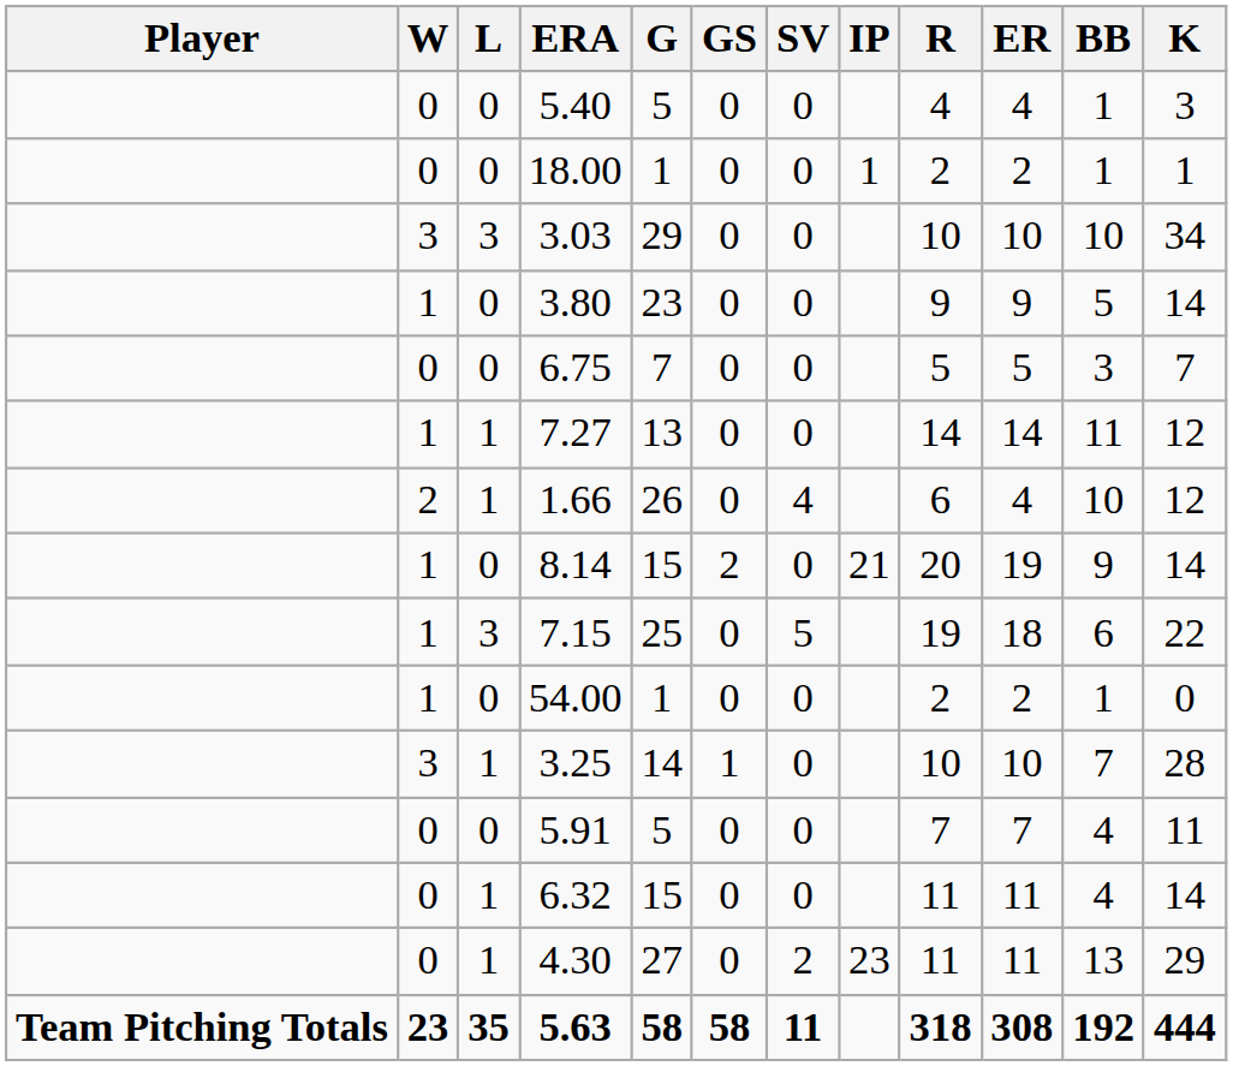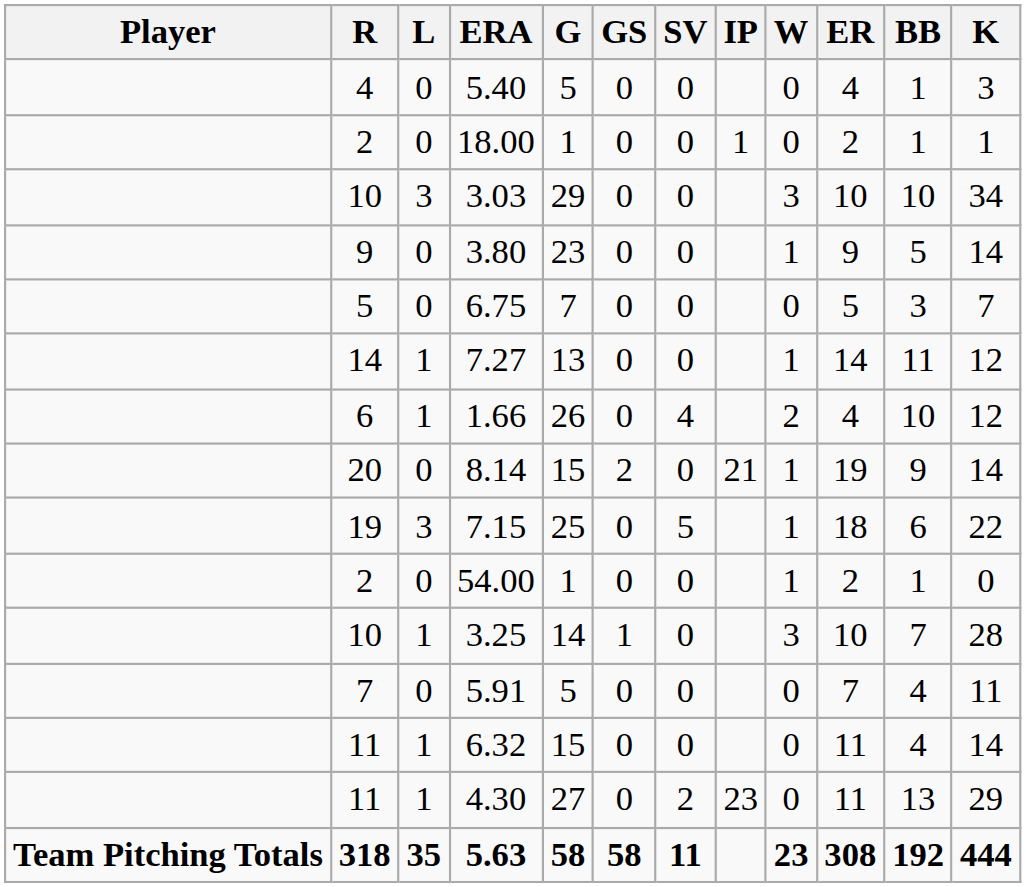 <table class="wikitable sortable" style="text-align:center">
 <tr>
 <th>Player</th>
-<th>W</th>
+<th>R</th>
 <th>L</th>
 <th>ERA</th>
 <th>G</th>
 <th>GS</th>
 <th>SV</th>
 <th>IP</th>
-<th>R</th>
+<th>W</th>
 <th>ER</th>
 <th>BB</th>
 <th>K</th>
 </tr>
 <tr>
 <td align=left></td>
-<td>0</td>
+<td>4</td>
 <td>0</td>
 <td>5.40</td>
 <td>5</td>
 <td>0</td>
 <td>0</td>
 <td></td>
-<td>4</td>
+<td>0</td>
 <td>4</td>
 <td>1</td>
 <td>3</td>
 </tr>
 <tr>
 <td align=left></td>
-<td>0</td>
+<td>2</td>
 <td>0</td>
 <td>18.00</td>
 <td>1</td>
 <td>0</td>
 <td>0</td>
 <td>1</td>
-<td>2</td>
+<td>0</td>
 <td>2</td>
 <td>1</td>
 <td>1</td>
 </tr>
 <tr>
 <td align=left></td>
-<td>3</td>
+<td>10</td>
 <td>3</td>
 <td>3.03</td>
 <td>29</td>
 <td>0</td>
 <td>0</td>
 <td></td>
-<td>10</td>
+<td>3</td>
 <td>10</td>
 <td>10</td>
 <td>34</td>
 </tr>
 <tr>
 <td align=left></td>
-<td>1</td>
+<td>9</td>
 <td>0</td>
 <td>3.80</td>
 <td>23</td>
 <td>0</td>
 <td>0</td>
 <td></td>
-<td>9</td>
+<td>1</td>
 <td>9</td>
 <td>5</td>
 <td>14</td>
 </tr>
 <tr>
 <td align=left></td>
-<td>0</td>
+<td>5</td>
 <td>0</td>
 <td>6.75</td>
 <td>7</td>
 <td>0</td>
 <td>0</td>
 <td></td>
-<td>5</td>
+<td>0</td>
 <td>5</td>
 <td>3</td>
 <td>7</td>
 </tr>
 <tr>
 <td align=left></td>
-<td>1</td>
+<td>14</td>
 <td>1</td>
 <td>7.27</td>
 <td>13</td>
 <td>0</td>
 <td>0</td>
 <td></td>
-<td>14</td>
+<td>1</td>
 <td>14</td>
 <td>11</td>
 <td>12</td>
 </tr>
 <tr>
 <td align=left></td>
-<td>2</td>
+<td>6</td>
 <td>1</td>
 <td>1.66</td>
 <td>26</td>
 <td>0</td>
 <td>4</td>
 <td></td>
-<td>6</td>
+<td>2</td>
 <td>4</td>
 <td>10</td>
 <td>12</td>
 </tr>
 <tr>
 <td align=left></td>
-<td>1</td>
+<td>20</td>
 <td>0</td>
 <td>8.14</td>
 <td>15</td>
 <td>2</td>
 <td>0</td>
 <td>21</td>
-<td>20</td>
+<td>1</td>
 <td>19</td>
 <td>9</td>
 <td>14</td>
 </tr>
 <tr>
 <td align=left></td>
-<td>1</td>
+<td>19</td>
 <td>3</td>
 <td>7.15</td>
 <td>25</td>
 <td>0</td>
 <td>5</td>
 <td></td>
-<td>19</td>
+<td>1</td>
 <td>18</td>
 <td>6</td>
 <td>22</td>
 </tr>
 <tr>
 <td align=left></td>
-<td>1</td>
+<td>2</td>
 <td>0</td>
 <td>54.00</td>
 <td>1</td>
 <td>0</td>
 <td>0</td>
 <td></td>
-<td>2</td>
+<td>1</td>
 <td>2</td>
 <td>1</td>
 <td>0</td>
 </tr>
 <tr>
 <td align=left></td>
-<td>3</td>
+<td>10</td>
 <td>1</td>
 <td>3.25</td>
 <td>14</td>
 <td>1</td>
 <td>0</td>
 <td></td>
-<td>10</td>
+<td>3</td>
 <td>10</td>
 <td>7</td>
 <td>28</td>
 </tr>
 <tr>
 <td align=left></td>
-<td>0</td>
+<td>7</td>
 <td>0</td>
 <td>5.91</td>
 <td>5</td>
 <td>0</td>
 <td>0</td>
 <td></td>
-<td>7</td>
+<td>0</td>
 <td>7</td>
 <td>4</td>
 <td>11</td>
 </tr>
 <tr>
 <td align=left></td>
-<td>0</td>
+<td>11</td>
 <td>1</td>
 <td>6.32</td>
 <td>15</td>
 <td>0</td>
 <td>0</td>
 <td></td>
-<td>11</td>
+<td>0</td>
 <td>11</td>
 <td>4</td>
 <td>14</td>
 </tr>
 <tr>
 <td align=left></td>
-<td>0</td>
+<td>11</td>
 <td>1</td>
 <td>4.30</td>
 <td>27</td>
 <td>0</td>
 <td>2</td>
 <td>23</td>
-<td>11</td>
+<td>0</td>
 <td>11</td>
 <td>13</td>
 <td>29</td>
 </tr>
 <tr>
 <td align=left><strong>Team Pitching Totals</strong></td>
-<td><strong>23</strong></td>
+<td><strong>318</strong></td>
 <td><strong>35</strong></td>
 <td><strong>5.63</strong></td>
 <td><strong>58</strong></td>
 <td><strong>58</strong></td>
 <td><strong>11</strong></td>
 <td><strong></strong></td>
-<td><strong>318</strong></td>
+<td><strong>23</strong></td>
 <td><strong>308</strong></td>
 <td><strong>192</strong></td>
 <td><strong>444</strong></td>
 </tr>
 </table>
